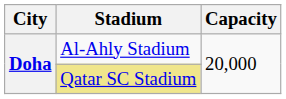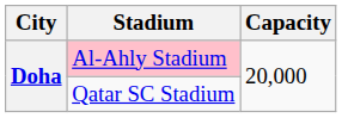 <table class="wikitable sortable">
 <tr>
 <th class="unsortable">City</th>
 <th>Stadium</th>
 <th>Capacity</th>
 </tr>
 <tr>
 <th rowspan="2"><a href='#'>Doha</a></th>
-<td><a href='#'>Al-Ahly Stadium</a></td>
+<td style="background: pink;"><a href='#'>Al-Ahly Stadium</a></td>
 <td rowspan="2">20,000</td>
 </tr>
 <tr>
-<td style="background: khaki;"><a href='#'>Qatar SC Stadium</a></td>
+<td><a href='#'>Qatar SC Stadium</a></td>
 </tr>
 </table>
